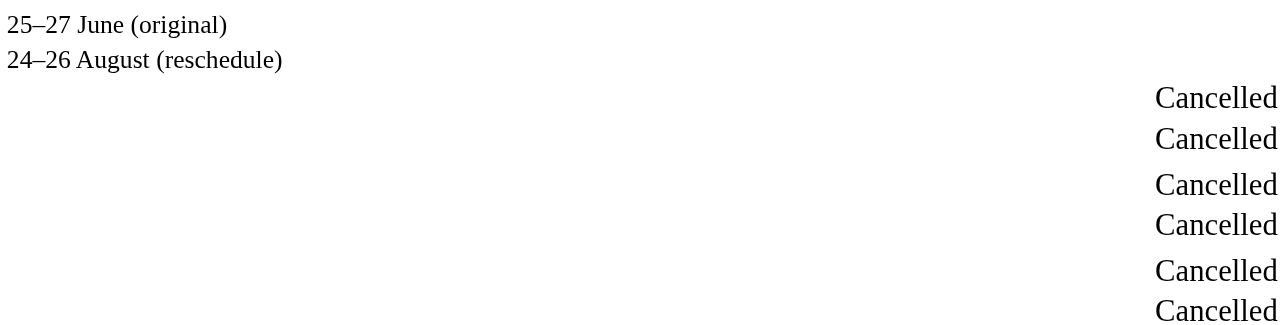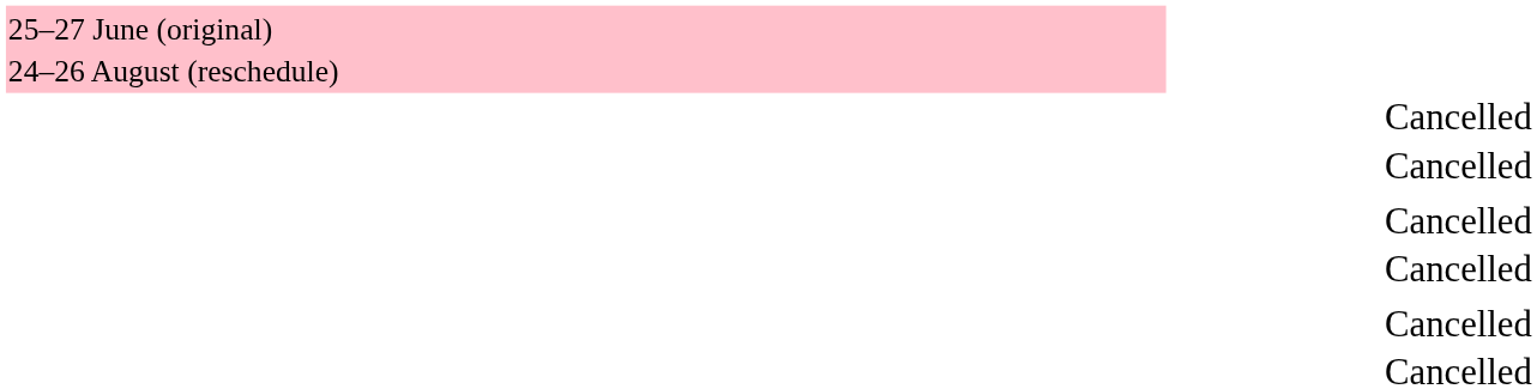 <table width=100% cellspacing=1>
 <tr>
 <th width=40%></th>
 <th width=20%></th>
 <th></th>
 </tr>
 <tr>
-<td><small>25–27 June (original)<br>24–26 August (reschedule)</small></td>
+<td style="background: pink;"><small>25–27 June (original)<br>24–26 August (reschedule)</small></td>
 </tr>
 <tr>
 <td align=right></td>
 <td align=center>Cancelled</td>
 <td></td>
 </tr>
 <tr>
 <td align=right></td>
 <td align=center>Cancelled</td>
 <td></td>
 </tr>
 <tr>
 <td></td>
 </tr>
 <tr>
 <td align=right></td>
 <td align=center>Cancelled</td>
 <td></td>
 </tr>
 <tr>
 <td align=right></td>
 <td align=center>Cancelled</td>
 <td></td>
 </tr>
 <tr>
 <td></td>
 </tr>
 <tr>
 <td align=right></td>
 <td align=center>Cancelled</td>
 <td></td>
 </tr>
 <tr>
 <td align=right></td>
 <td align=center>Cancelled</td>
 <td></td>
 </tr>
 </table>
